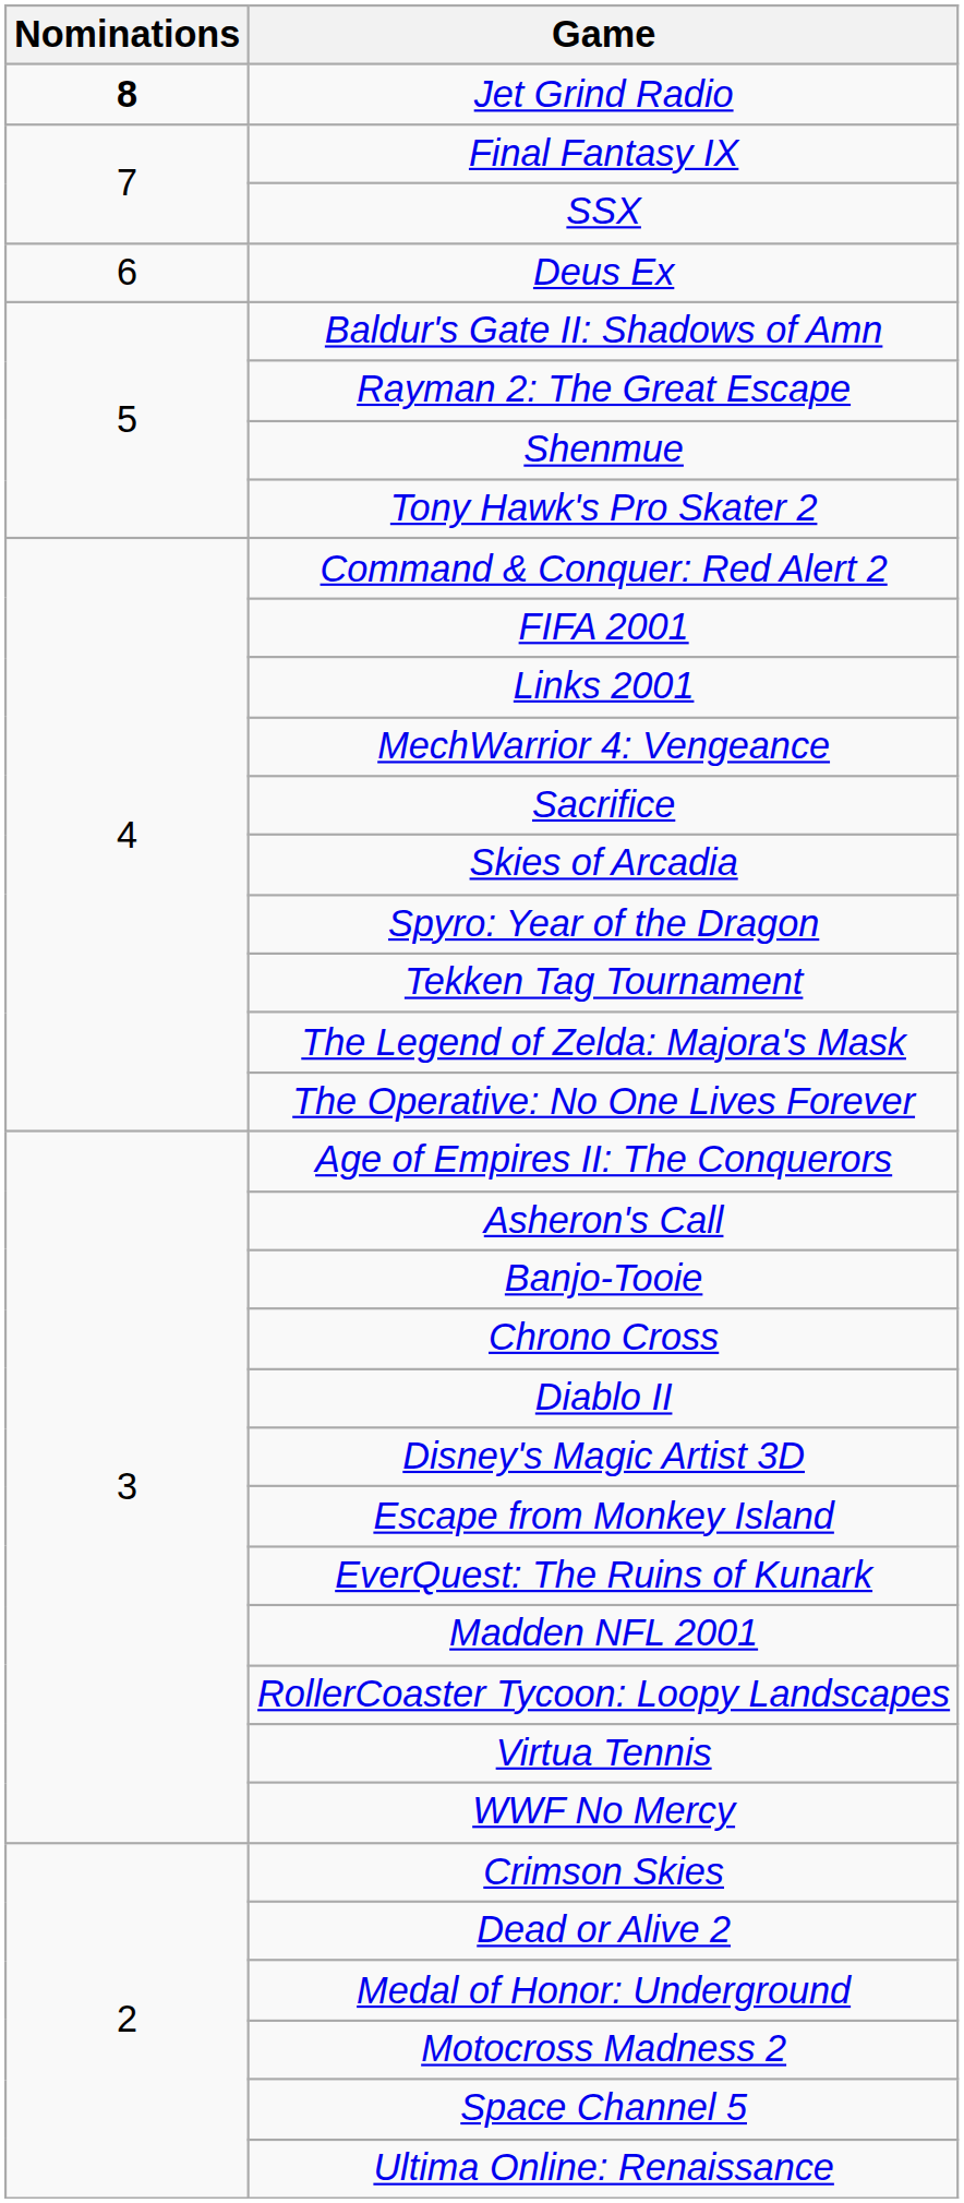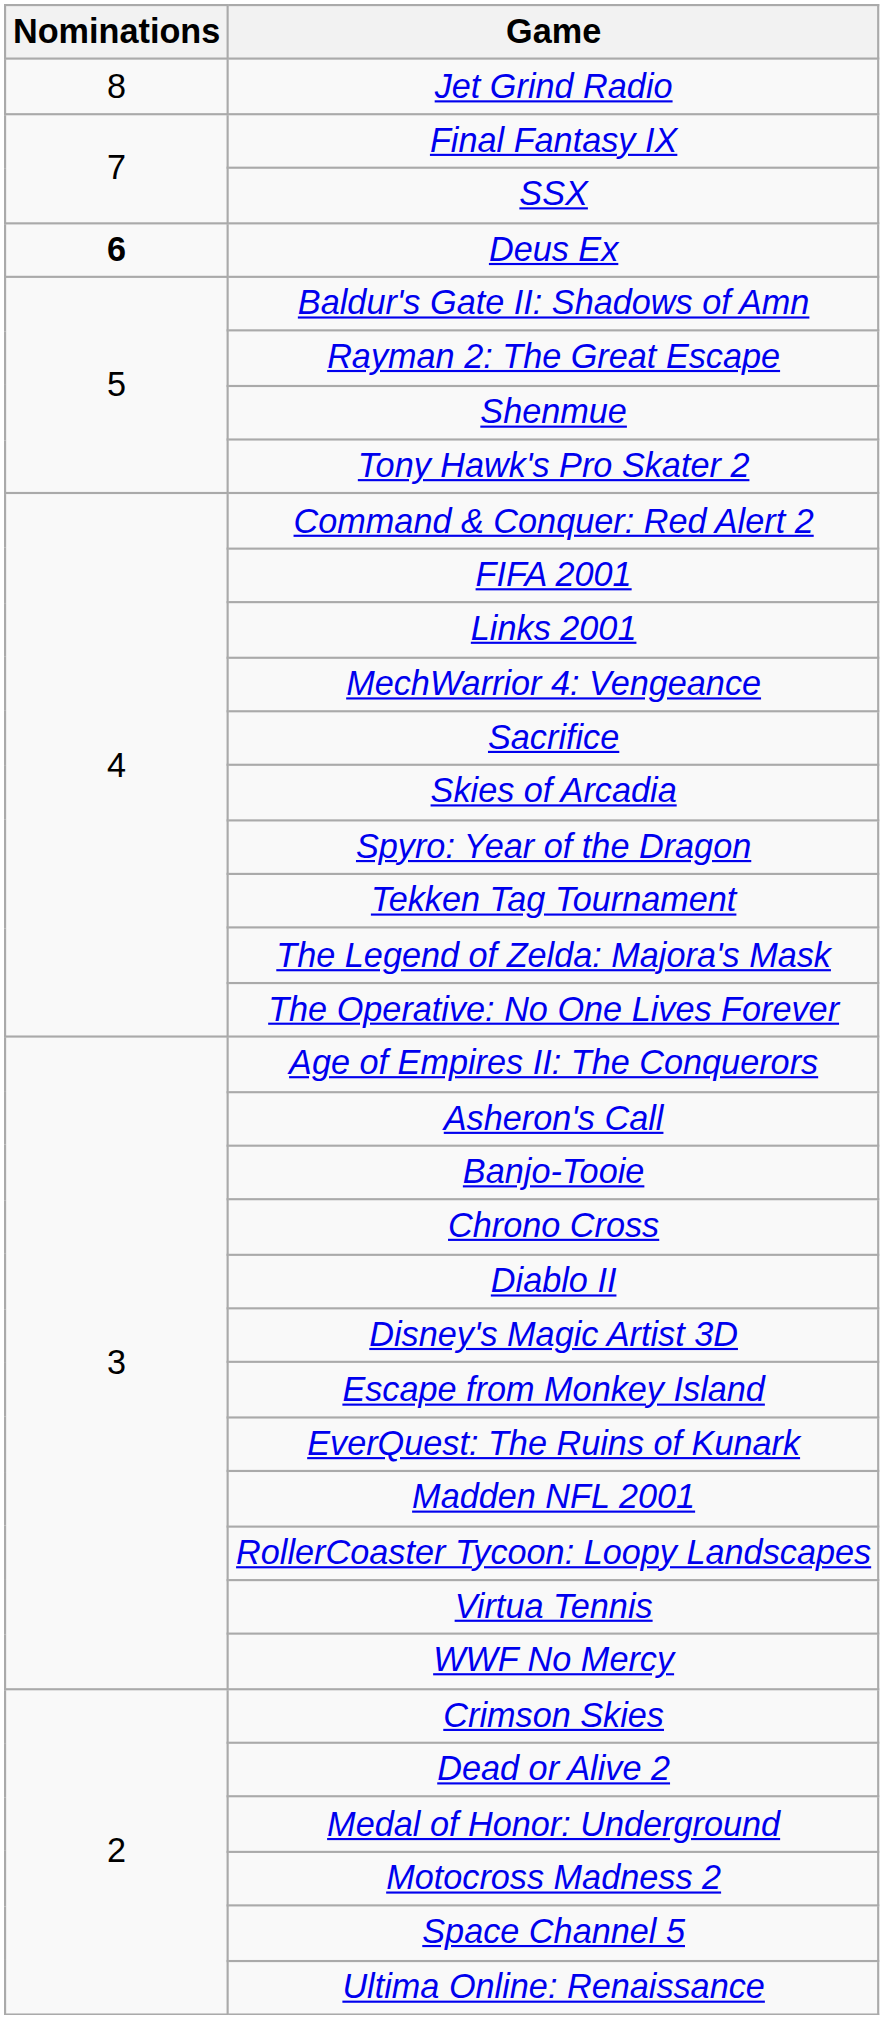 <table class="wikitable floatleft" rowspan="2" style="text-align:center;" background: #f6e39c;>
 <tr>
 <th scope="col">Nominations</th>
 <th scope="col">Game</th>
 </tr>
 <tr>
-<td style="text-align: center;"><strong>8</strong></td>
+<td style="text-align: center;">8</td>
 <td><em><a href='#'>Jet Grind Radio</a></em></td>
 </tr>
 <tr>
 <td rowspan=2>7</td>
 <td><em><a href='#'>Final Fantasy IX</a></em></td>
 </tr>
 <tr>
 <td><em><a href='#'>SSX</a></em></td>
 </tr>
 <tr>
-<td rowspan=1>6</td>
+<td rowspan=1><strong>6</strong></td>
 <td><em><a href='#'>Deus Ex</a></em></td>
 </tr>
 <tr>
 <td rowspan=4>5</td>
 <td><em><a href='#'>Baldur's Gate II: Shadows of Amn</a></em></td>
 </tr>
 <tr>
 <td><em><a href='#'>Rayman 2: The Great Escape</a></em></td>
 </tr>
 <tr>
 <td><em><a href='#'>Shenmue</a></em></td>
 </tr>
 <tr>
 <td><em><a href='#'>Tony Hawk's Pro Skater 2</a></em></td>
 </tr>
 <tr>
 <td rowspan=10>4</td>
 <td><em><a href='#'>Command & Conquer: Red Alert 2</a></em></td>
 </tr>
 <tr>
 <td><em><a href='#'>FIFA 2001</a></em></td>
 </tr>
 <tr>
 <td><em><a href='#'>Links 2001</a></em></td>
 </tr>
 <tr>
 <td><em><a href='#'>MechWarrior 4: Vengeance</a></em></td>
 </tr>
 <tr>
 <td><em><a href='#'>Sacrifice</a></em></td>
 </tr>
 <tr>
 <td><em><a href='#'>Skies of Arcadia</a></em></td>
 </tr>
 <tr>
 <td><em><a href='#'>Spyro: Year of the Dragon</a></em></td>
 </tr>
 <tr>
 <td><em><a href='#'>Tekken Tag Tournament</a></em></td>
 </tr>
 <tr>
 <td><em><a href='#'>The Legend of Zelda: Majora's Mask</a></em></td>
 </tr>
 <tr>
 <td><em><a href='#'>The Operative: No One Lives Forever</a></em></td>
 </tr>
 <tr>
 <td rowspan=12>3</td>
 <td><em><a href='#'>Age of Empires II: The Conquerors</a></em></td>
 </tr>
 <tr>
 <td><em><a href='#'>Asheron's Call</a></em></td>
 </tr>
 <tr>
 <td><em><a href='#'>Banjo-Tooie</a></em></td>
 </tr>
 <tr>
 <td><em><a href='#'>Chrono Cross</a></em></td>
 </tr>
 <tr>
 <td><em><a href='#'>Diablo II</a></em></td>
 </tr>
 <tr>
 <td><em><a href='#'>Disney's Magic Artist 3D</a></em></td>
 </tr>
 <tr>
 <td><em><a href='#'>Escape from Monkey Island</a></em></td>
 </tr>
 <tr>
 <td><em><a href='#'>EverQuest: The Ruins of Kunark</a></em></td>
 </tr>
 <tr>
 <td><em><a href='#'>Madden NFL 2001</a></em></td>
 </tr>
 <tr>
 <td><em><a href='#'>RollerCoaster Tycoon: Loopy Landscapes</a></em></td>
 </tr>
 <tr>
 <td><em><a href='#'>Virtua Tennis</a></em></td>
 </tr>
 <tr>
 <td><em><a href='#'>WWF No Mercy</a></em></td>
 </tr>
 <tr>
 <td rowspan=6>2</td>
 <td><em><a href='#'>Crimson Skies</a></em></td>
 </tr>
 <tr>
 <td><em><a href='#'>Dead or Alive 2</a></em></td>
 </tr>
 <tr>
 <td><em><a href='#'>Medal of Honor: Underground</a></em></td>
 </tr>
 <tr>
 <td><em><a href='#'>Motocross Madness 2</a></em></td>
 </tr>
 <tr>
 <td><em><a href='#'>Space Channel 5</a></em></td>
 </tr>
 <tr>
 <td><em><a href='#'>Ultima Online: Renaissance</a></em></td>
 </tr>
 </table>
